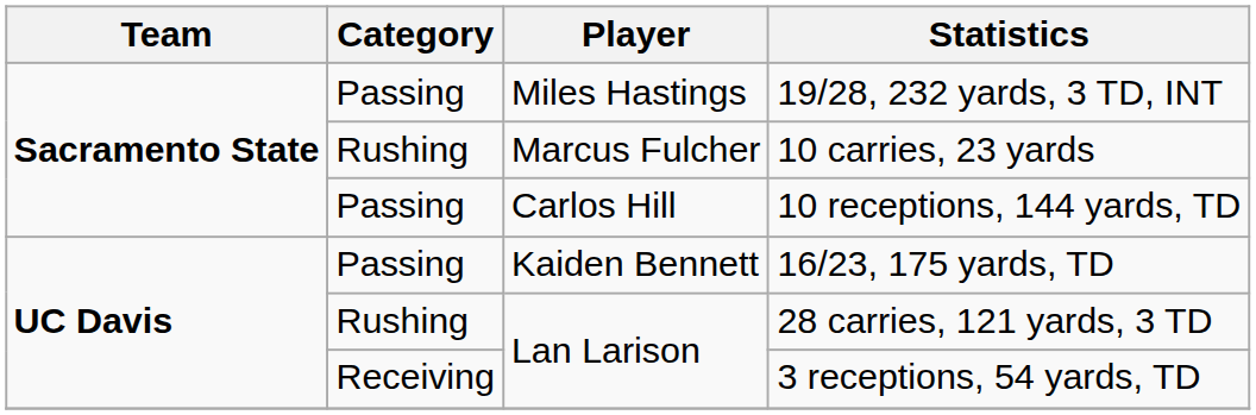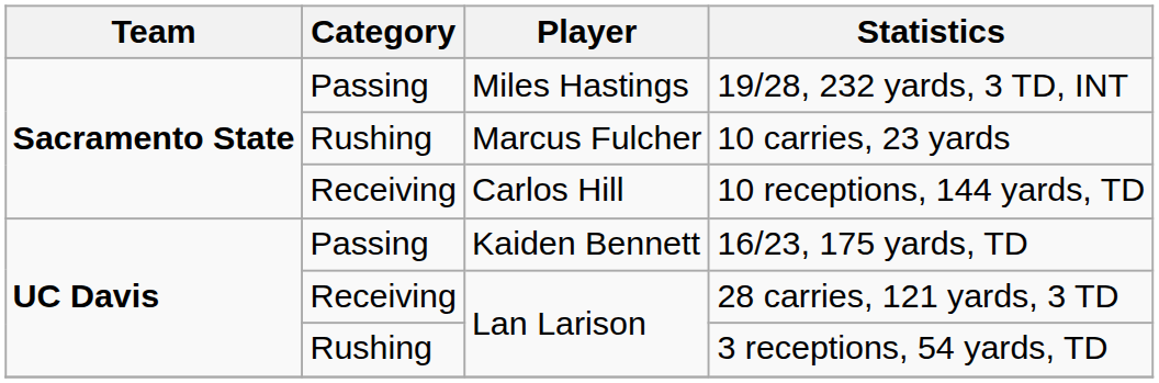 <table class="wikitable" style="float: right;">
 <tr>
 <th>Team</th>
 <th>Category</th>
 <th>Player</th>
 <th>Statistics</th>
 </tr>
 <tr>
 <td rowspan=3><strong>Sacramento State</strong></td>
 <td>Passing</td>
 <td>Miles Hastings</td>
 <td>19/28, 232 yards, 3 TD, INT</td>
 </tr>
 <tr>
 <td>Rushing</td>
 <td>Marcus Fulcher</td>
 <td>10 carries, 23 yards</td>
 </tr>
 <tr>
-<td>Passing</td>
+<td>Receiving</td>
 <td>Carlos Hill</td>
 <td>10 receptions, 144 yards, TD</td>
 </tr>
 <tr>
 <td rowspan=3><strong>UC Davis</strong></td>
 <td>Passing</td>
 <td>Kaiden Bennett</td>
 <td>16/23, 175 yards, TD</td>
 </tr>
 <tr>
-<td>Rushing</td>
+<td>Receiving</td>
 <td rowspan="2">Lan Larison</td>
 <td>28 carries, 121 yards, 3 TD</td>
 </tr>
 <tr>
-<td>Receiving</td>
+<td>Rushing</td>
 <td>3 receptions, 54 yards, TD</td>
 </tr>
 <tr>
 </tr>
 </table>
